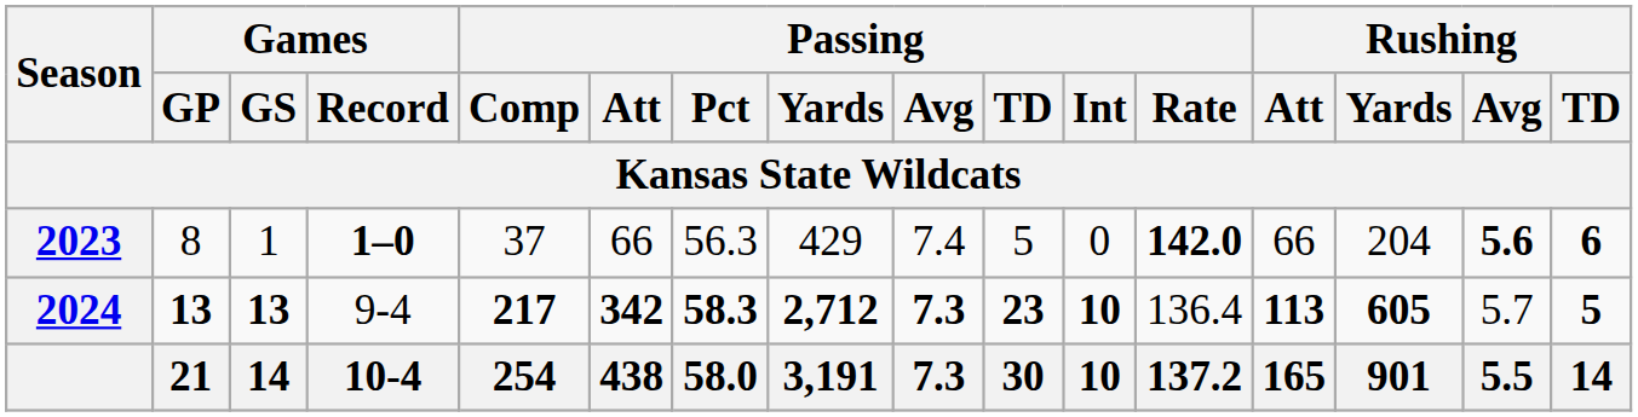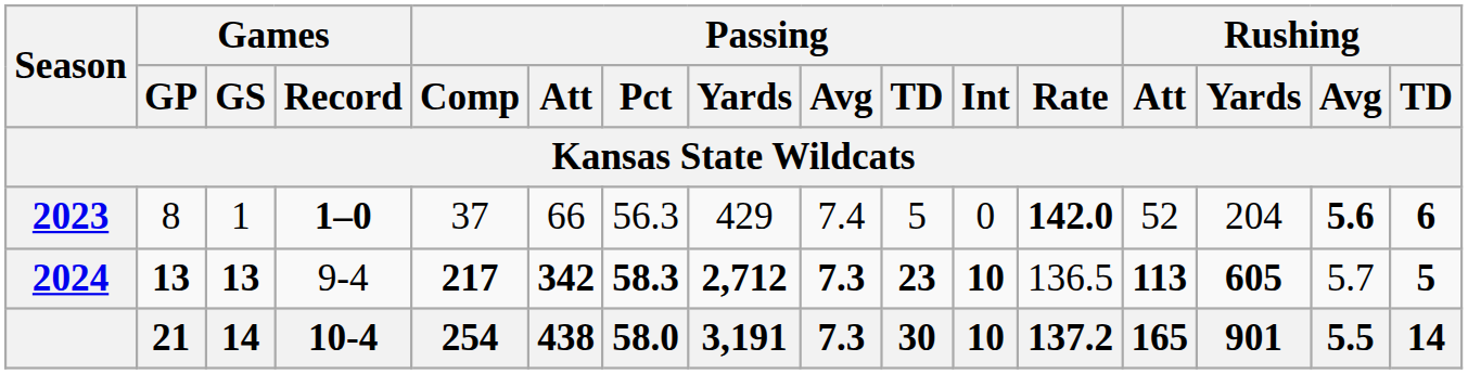 <table class="wikitable" style="text-align:center;">
 <tr>
 <th rowspan="2">Season</th>
 <th colspan="3">Games</th>
 <th colspan="8">Passing</th>
 <th colspan="5">Rushing</th>
 </tr>
 <tr>
 <th>GP</th>
 <th>GS</th>
 <th>Record</th>
 <th>Comp</th>
 <th>Att</th>
 <th>Pct</th>
 <th>Yards</th>
 <th>Avg</th>
 <th>TD</th>
 <th>Int</th>
 <th>Rate</th>
 <th>Att</th>
 <th>Yards</th>
 <th>Avg</th>
 <th>TD</th>
 </tr>
 <tr>
 <th colspan="16">Kansas State Wildcats</th>
 </tr>
 <tr>
 <th><a href='#'>2023</a></th>
 <td>8</td>
 <td>1</td>
 <td><strong>1–0</strong></td>
 <td>37</td>
 <td>66</td>
 <td>56.3</td>
 <td>429</td>
 <td>7.4</td>
 <td>5</td>
 <td>0</td>
 <td><strong>142.0</strong></td>
-<td>66</td>
+<td>52</td>
 <td>204</td>
 <td><strong>5.6</strong></td>
 <td><strong>6</strong></td>
 </tr>
 <tr>
 <th><a href='#'>2024</a></th>
 <td><strong>13</strong></td>
 <td><strong>13</strong></td>
 <td>9-4</td>
 <td><strong>217</strong></td>
 <td><strong>342</strong></td>
 <td><strong>58.3</strong></td>
 <td><strong>2,712</strong></td>
 <td><strong>7.3 </strong></td>
 <td><strong>23</strong></td>
 <td><strong>10</strong></td>
-<td>136.4</td>
+<td>136.5</td>
 <td><strong>113</strong></td>
 <td><strong>605</strong></td>
 <td>5.7</td>
 <td><strong>5</strong></td>
 </tr>
 <tr>
 <th></th>
 <th>21</th>
 <th>14</th>
 <th>10-4</th>
 <th>254</th>
 <th>438</th>
 <th>58.0</th>
 <th>3,191</th>
 <th>7.3</th>
 <th>30</th>
 <th>10</th>
 <th>137.2</th>
 <th>165</th>
 <th>901</th>
 <th>5.5</th>
 <th>14</th>
 </tr>
 </table>
